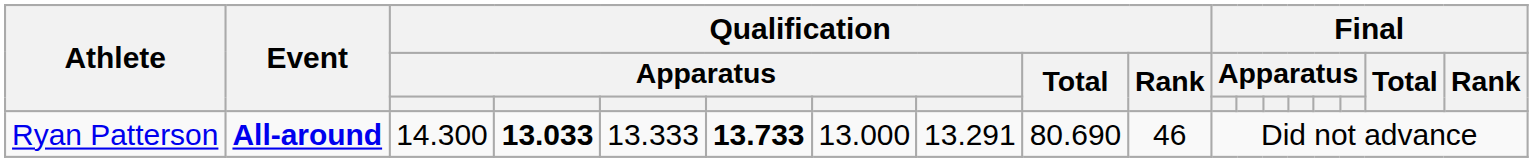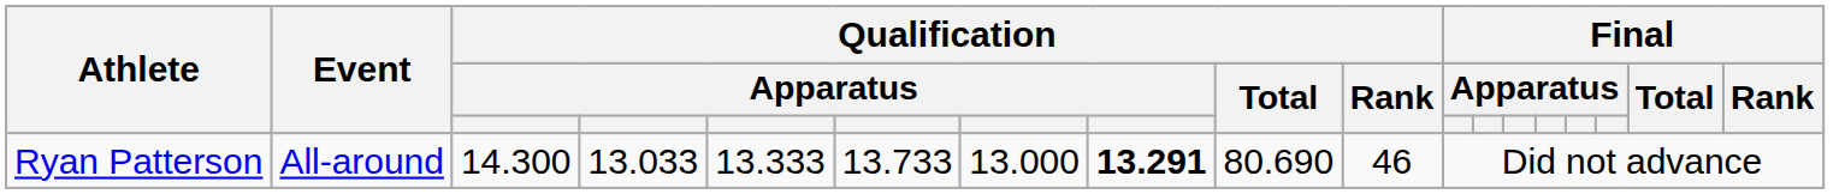 <table class="wikitable" style="font-size:90%">
 <tr>
 <th rowspan=3>Athlete</th>
 <th rowspan=3>Event</th>
 <th colspan =8>Qualification</th>
 <th colspan =8>Final</th>
 </tr>
 <tr style="font-size:95%">
 <th colspan=6>Apparatus</th>
 <th rowspan=2>Total</th>
 <th rowspan=2>Rank</th>
 <th colspan=6>Apparatus</th>
 <th rowspan=2>Total</th>
 <th rowspan=2>Rank</th>
 </tr>
 <tr style="font-size:95%">
 <th></th>
 <th></th>
 <th></th>
 <th></th>
 <th></th>
 <th></th>
 <th></th>
 <th></th>
 <th></th>
 <th></th>
 <th></th>
 <th></th>
 </tr>
 <tr align=center>
 <td align=left><a href='#'>Ryan Patterson</a></td>
-<td align=left><strong><a href='#'>All-around</a></strong></td>
+<td align=left><a href='#'>All-around</a></td>
 <td>14.300</td>
-<td><strong>13.033</strong></td>
+<td>13.033</td>
 <td>13.333</td>
-<td><strong>13.733</strong></td>
+<td>13.733</td>
 <td>13.000</td>
-<td>13.291</td>
+<td><strong>13.291</strong></td>
 <td>80.690</td>
 <td>46</td>
 <td colspan=8>Did not advance</td>
 </tr>
 </table>
